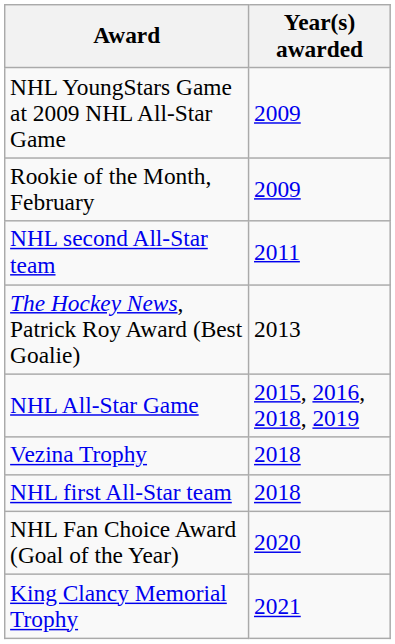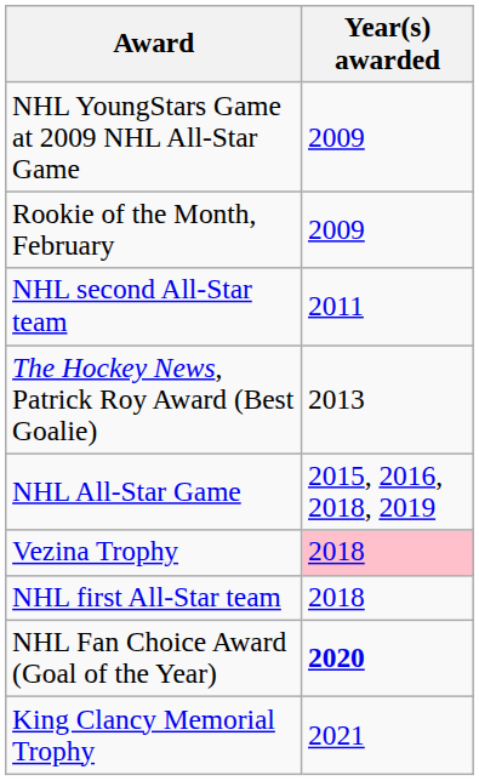 <table class="wikitable" style="width:30%;">
 <tr>
 <th>Award</th>
 <th>Year(s) awarded</th>
 </tr>
 <tr>
 <td>NHL YoungStars Game at 2009 NHL All-Star Game</td>
 <td><a href='#'>2009</a></td>
 </tr>
 <tr>
 <td>Rookie of the Month, February</td>
 <td><a href='#'>2009</a></td>
 </tr>
 <tr>
 <td><a href='#'>NHL second All-Star team</a></td>
 <td><a href='#'>2011</a></td>
 </tr>
 <tr>
 <td><em><a href='#'>The Hockey News</a></em>, Patrick Roy Award (Best Goalie)</td>
 <td>2013</td>
 </tr>
 <tr>
 <td><a href='#'>NHL All-Star Game</a></td>
 <td><a href='#'>2015</a>, <a href='#'>2016</a>, <a href='#'>2018</a>, <a href='#'>2019</a></td>
 </tr>
 <tr>
 <td><a href='#'>Vezina Trophy</a></td>
-<td><a href='#'>2018</a></td>
+<td style="background: pink;"><a href='#'>2018</a></td>
 </tr>
 <tr>
 <td><a href='#'>NHL first All-Star team</a></td>
 <td><a href='#'>2018</a></td>
 </tr>
 <tr>
 <td>NHL Fan Choice Award (Goal of the Year)</td>
-<td><a href='#'>2020</a></td>
+<td><strong><a href='#'>2020</a></strong></td>
 </tr>
 <tr>
 <td><a href='#'>King Clancy Memorial Trophy</a></td>
 <td><a href='#'>2021</a></td>
 </tr>
 </table>
